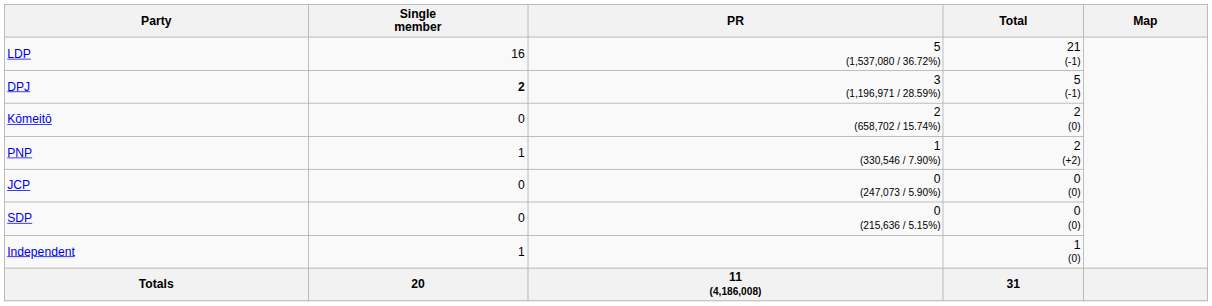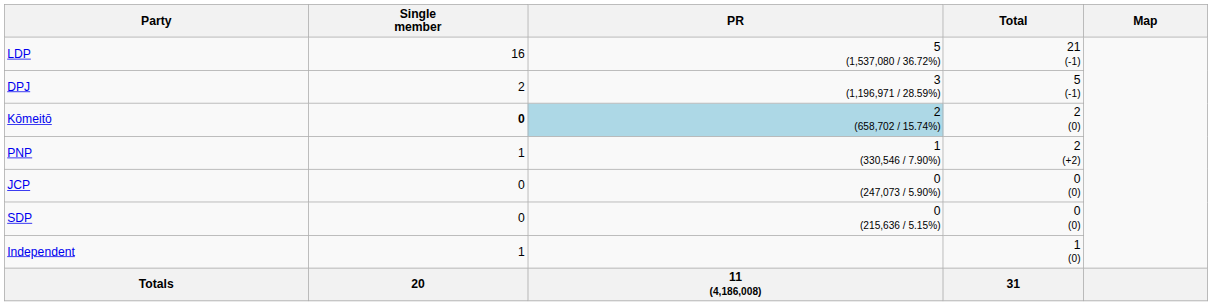 <table class="wikitable" width="100%">
 <tr>
 <th>Party</th>
 <th>Single<br>member</th>
 <th>PR</th>
 <th>Total</th>
 <th>Map</th>
 </tr>
 <tr>
 <td><a href='#'>LDP</a></td>
 <td align="right">16</td>
 <td align="right">5<br><small>(1,537,080 / 36.72%)</small></td>
 <td align="right">21<br><small>(-1)</small></td>
 <td rowspan=7 align="center"></td>
 </tr>
 <tr>
 <td><a href='#'>DPJ</a></td>
-<td align="right"><strong>2</strong></td>
+<td align="right">2</td>
 <td align="right">3<br><small>(1,196,971 / 28.59%)</small></td>
 <td align="right">5<br><small>(-1)</small></td>
 </tr>
 <tr>
 <td><a href='#'>Kōmeitō</a></td>
-<td align="right">0</td>
-<td align="right">2<br><small>(658,702 / 15.74%)</small></td>
+<td align="right"><strong>0</strong></td>
+<td align="right" style="background: lightblue;">2<br><small>(658,702 / 15.74%)</small></td>
 <td align="right">2<br><small>(0)</small></td>
 </tr>
 <tr>
 <td><a href='#'>PNP</a></td>
 <td align="right">1</td>
 <td align="right">1<br><small>(330,546 / 7.90%)</small></td>
 <td align="right">2<br><small>(+2)</small></td>
 </tr>
 <tr>
 <td><a href='#'>JCP</a></td>
 <td align="right">0</td>
 <td align="right">0<br><small>(247,073 / 5.90%)</small></td>
 <td align="right">0<br><small>(0)</small></td>
 </tr>
 <tr>
 <td><a href='#'>SDP</a></td>
 <td align="right">0</td>
 <td align="right">0<br><small>(215,636 / 5.15%)</small></td>
 <td align="right">0<br><small>(0)</small></td>
 </tr>
 <tr>
 <td><a href='#'>Independent</a></td>
 <td align="right">1</td>
 <td align="right"></td>
 <td align="right">1<br><small>(0)</small></td>
 </tr>
 <tr bgcolor=lightgrey>
 <th><strong>Totals</strong></th>
 <th align="right">20</th>
 <th align="right">11<br><small>(4,186,008)</small></th>
 <th align="right">31</th>
 <th></th>
 </tr>
 </table>
